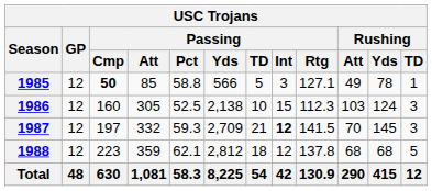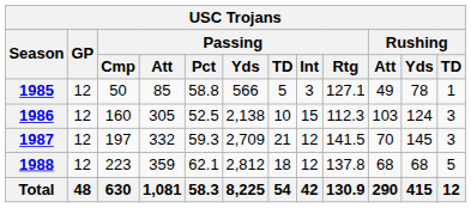 <table class="wikitable" style="text-align: center;">
 <tr>
 <th colspan="15">USC Trojans</th>
 </tr>
 <tr>
 <th rowspan="2">Season</th>
 <th rowspan="2">GP</th>
 <th colspan="7">Passing</th>
 <th colspan="3">Rushing</th>
 </tr>
 <tr>
 <th>Cmp</th>
 <th>Att</th>
 <th>Pct</th>
 <th>Yds</th>
 <th>TD</th>
 <th>Int</th>
 <th>Rtg</th>
 <th>Att</th>
 <th>Yds</th>
 <th>TD</th>
 </tr>
 <tr>
 <th><a href='#'>1985</a></th>
 <td>12</td>
-<td><strong>50</strong></td>
+<td>50</td>
 <td>85</td>
 <td>58.8</td>
 <td>566</td>
 <td>5</td>
 <td>3</td>
 <td>127.1</td>
 <td>49</td>
 <td>78</td>
 <td>1</td>
 </tr>
 <tr>
 <th><a href='#'>1986</a></th>
 <td>12</td>
 <td>160</td>
 <td>305</td>
 <td>52.5</td>
 <td>2,138</td>
 <td>10</td>
 <td>15</td>
 <td>112.3</td>
 <td>103</td>
 <td>124</td>
 <td>3</td>
 </tr>
 <tr>
 <th><a href='#'>1987</a></th>
 <td>12</td>
 <td>197</td>
 <td>332</td>
 <td>59.3</td>
 <td>2,709</td>
 <td>21</td>
-<td><strong>12</strong></td>
+<td>12</td>
 <td>141.5</td>
 <td>70</td>
 <td>145</td>
 <td>3</td>
 </tr>
 <tr>
 <th><a href='#'>1988</a></th>
 <td>12</td>
 <td>223</td>
 <td>359</td>
 <td>62.1</td>
 <td>2,812</td>
 <td>18</td>
 <td>12</td>
 <td>137.8</td>
 <td>68</td>
 <td>68</td>
 <td>5</td>
 </tr>
 <tr>
 <th>Total</th>
 <th>48</th>
 <th>630</th>
 <th>1,081</th>
 <th>58.3</th>
 <th>8,225</th>
 <th>54</th>
 <th>42</th>
 <th>130.9</th>
 <th>290</th>
 <th>415</th>
 <th>12</th>
 </tr>
 </table>
